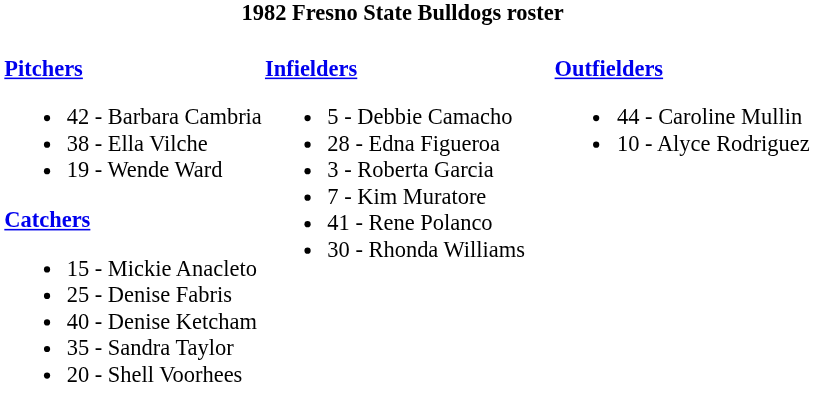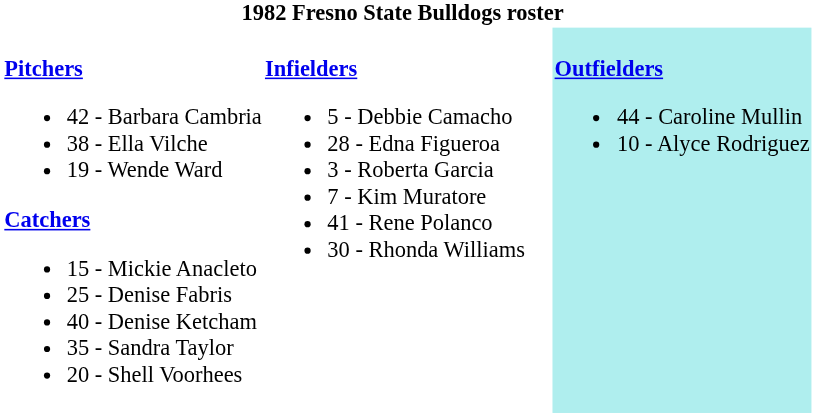 <table class="toccolours" style="border-collapse:collapse; font-size:90%;">
 <tr>
 <th colspan=9>1982 Fresno State Bulldogs roster</th>
 </tr>
 <tr>
 <td width="03"> </td>
 <td valign="top"><br><strong><a href='#'>Pitchers</a></strong><ul><li>42 - Barbara Cambria</li><li>38 - Ella Vilche</li><li>19 - Wende Ward</li></ul><strong><a href='#'>Catchers</a></strong><ul><li>15 - Mickie Anacleto</li><li>25 - Denise Fabris</li><li>40 - Denise Ketcham</li><li>35 - Sandra Taylor</li><li>20 - Shell Voorhees</li></ul></td>
 <td valign="top"><br><strong><a href='#'>Infielders</a></strong><ul><li>5 - Debbie Camacho</li><li>28 - Edna Figueroa</li><li>3 - Roberta Garcia</li><li>7 - Kim Muratore</li><li>41 - Rene Polanco</li><li>30 - Rhonda Williams</li></ul></td>
 <td width="15"> </td>
-<td valign="top"><br><strong><a href='#'>Outfielders</a></strong><ul><li>44 - Caroline Mullin</li><li>10 - Alyce Rodriguez</li></ul></td>
+<td valign="top" style="background: paleturquoise;"><br><strong><a href='#'>Outfielders</a></strong><ul><li>44 - Caroline Mullin</li><li>10 - Alyce Rodriguez</li></ul></td>
 </tr>
 </table>
